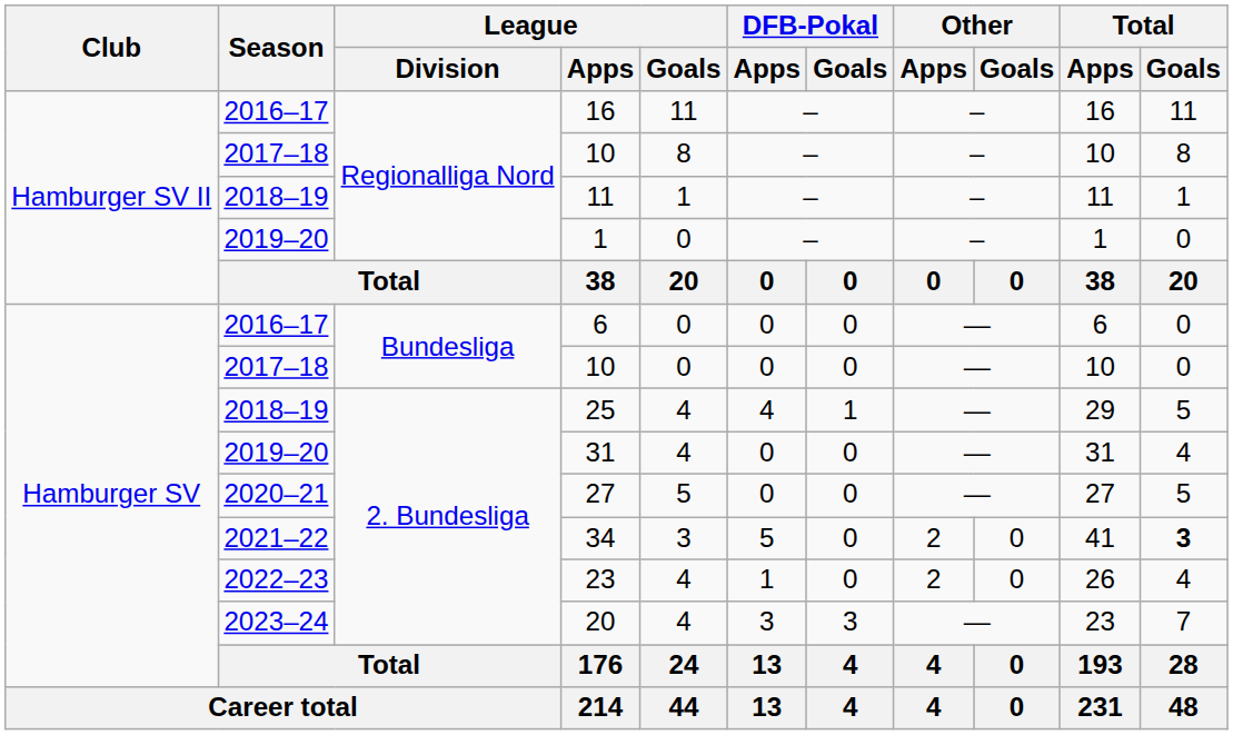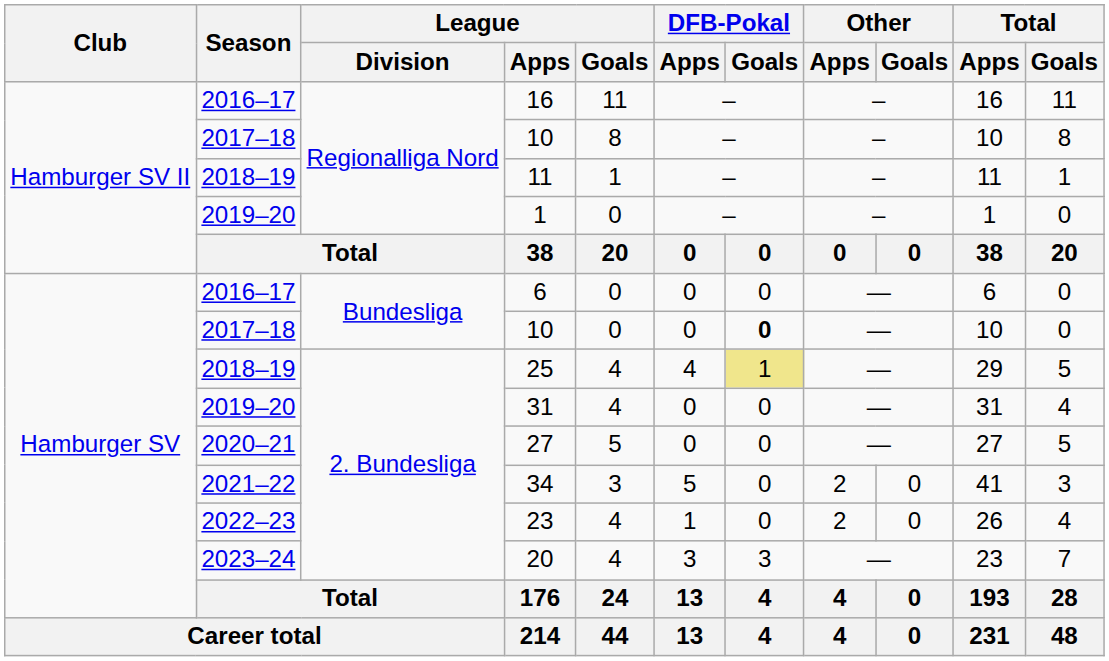 <table class="wikitable" style="text-align:center">
 <tr>
 <th rowspan="2">Club</th>
 <th rowspan="2">Season</th>
 <th colspan="3">League</th>
 <th colspan="2"><a href='#'>DFB-Pokal</a></th>
 <th colspan="2">Other</th>
 <th colspan="3">Total</th>
 </tr>
 <tr>
 <th>Division</th>
 <th>Apps</th>
 <th>Goals</th>
 <th>Apps</th>
 <th>Goals</th>
 <th>Apps</th>
 <th>Goals</th>
 <th>Apps</th>
 <th>Goals</th>
 </tr>
 <tr>
 <td rowspan="5"><a href='#'>Hamburger SV II</a></td>
 <td><a href='#'>2016–17</a></td>
 <td rowspan="4"><a href='#'>Regionalliga Nord</a></td>
 <td>16</td>
 <td>11</td>
 <td colspan="2">–</td>
 <td colspan="2">–</td>
 <td>16</td>
 <td>11</td>
 </tr>
 <tr>
 <td><a href='#'>2017–18</a></td>
 <td>10</td>
 <td>8</td>
 <td colspan="2">–</td>
 <td colspan="2">–</td>
 <td>10</td>
 <td>8</td>
 </tr>
 <tr>
 <td><a href='#'>2018–19</a></td>
 <td>11</td>
 <td>1</td>
 <td colspan="2">–</td>
 <td colspan="2">–</td>
 <td>11</td>
 <td>1</td>
 </tr>
 <tr>
 <td><a href='#'>2019–20</a></td>
 <td>1</td>
 <td>0</td>
 <td colspan="2">–</td>
 <td colspan="2">–</td>
 <td>1</td>
 <td>0</td>
 </tr>
 <tr>
 <th colspan="2">Total</th>
 <th>38</th>
 <th>20</th>
 <th>0</th>
 <th>0</th>
 <th>0</th>
 <th>0</th>
 <th>38</th>
 <th>20</th>
 </tr>
 <tr>
 <td rowspan="9"><a href='#'>Hamburger SV</a></td>
 <td><a href='#'>2016–17</a></td>
 <td rowspan="2"><a href='#'>Bundesliga</a></td>
 <td>6</td>
 <td>0</td>
 <td>0</td>
 <td>0</td>
 <td colspan="2">—</td>
 <td>6</td>
 <td>0</td>
 </tr>
 <tr>
 <td><a href='#'>2017–18</a></td>
 <td>10</td>
 <td>0</td>
 <td>0</td>
-<td>0</td>
+<td><strong>0</strong></td>
 <td colspan="2">—</td>
 <td>10</td>
 <td>0</td>
 </tr>
 <tr>
 <td><a href='#'>2018–19</a></td>
 <td rowspan="6"><a href='#'>2. Bundesliga</a></td>
 <td>25</td>
 <td>4</td>
 <td>4</td>
-<td>1</td>
+<td style="background: khaki;">1</td>
 <td colspan="2">—</td>
 <td>29</td>
 <td>5</td>
 </tr>
 <tr>
 <td><a href='#'>2019–20</a></td>
 <td>31</td>
 <td>4</td>
 <td>0</td>
 <td>0</td>
 <td colspan=2>—</td>
 <td>31</td>
 <td>4</td>
 </tr>
 <tr>
 <td><a href='#'>2020–21</a></td>
 <td>27</td>
 <td>5</td>
 <td>0</td>
 <td>0</td>
 <td colspan=2>—</td>
 <td>27</td>
 <td>5</td>
 </tr>
 <tr>
 <td><a href='#'>2021–22</a></td>
 <td>34</td>
 <td>3</td>
 <td>5</td>
 <td>0</td>
 <td>2</td>
 <td>0</td>
 <td>41</td>
-<td><strong>3</strong></td>
+<td>3</td>
 </tr>
 <tr>
 <td><a href='#'>2022–23</a></td>
 <td>23</td>
 <td>4</td>
 <td>1</td>
 <td>0</td>
 <td>2</td>
 <td>0</td>
 <td>26</td>
 <td>4</td>
 </tr>
 <tr>
 <td><a href='#'>2023–24</a></td>
 <td>20</td>
 <td>4</td>
 <td>3</td>
 <td>3</td>
 <td colspan="2">—</td>
 <td>23</td>
 <td>7</td>
 </tr>
 <tr>
 <th colspan="2">Total</th>
 <th>176</th>
 <th>24</th>
 <th>13</th>
 <th>4</th>
 <th>4</th>
 <th>0</th>
 <th>193</th>
 <th>28</th>
 </tr>
 <tr>
 <th colspan="3">Career total</th>
 <th>214</th>
 <th>44</th>
 <th>13</th>
 <th>4</th>
 <th>4</th>
 <th>0</th>
 <th>231</th>
 <th>48</th>
 </tr>
 </table>
